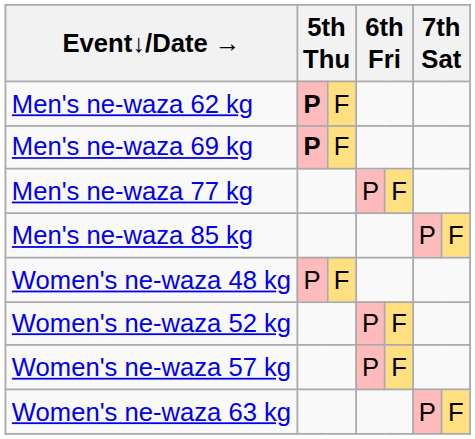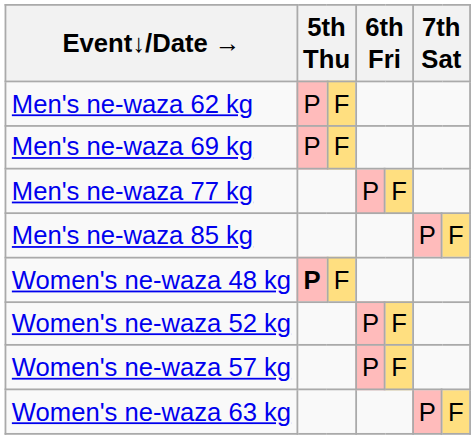 <table class="wikitable" style="margin:0.5em auto; font-size:90%; line-height:1.25em; text-align:center;">
 <tr>
 <th>Event↓/Date →</th>
 <th colspan=2>5th<br>Thu</th>
 <th colspan=2>6th<br>Fri</th>
 <th colspan=2>7th<br>Sat</th>
 </tr>
 <tr>
 <td align="left"><a href='#'>Men's ne-waza 62 kg</a></td>
-<td bgcolor="#FFBBBB"><strong>P</strong></td>
+<td bgcolor="#FFBBBB">P</td>
 <td bgcolor="#FFDF80">F</td>
 <td colspan=2></td>
 <td colspan=2></td>
 </tr>
 <tr>
 <td align="left"><a href='#'>Men's ne-waza 69 kg</a></td>
-<td bgcolor="#FFBBBB"><strong>P</strong></td>
+<td bgcolor="#FFBBBB">P</td>
 <td bgcolor="#FFDF80">F</td>
 <td colspan=2></td>
 <td colspan=2></td>
 </tr>
 <tr>
 <td align="left"><a href='#'>Men's ne-waza 77 kg</a></td>
 <td colspan=2></td>
 <td bgcolor="#FFBBBB">P</td>
 <td bgcolor="#FFDF80">F</td>
 <td colspan=2></td>
 </tr>
 <tr>
 <td align="left"><a href='#'>Men's ne-waza 85 kg</a></td>
 <td colspan=2></td>
 <td colspan=2></td>
 <td bgcolor="#FFBBBB">P</td>
 <td bgcolor="#FFDF80">F</td>
 </tr>
 <tr>
 <td align="left"><a href='#'>Women's ne-waza 48 kg</a></td>
-<td bgcolor="#FFBBBB">P</td>
+<td bgcolor="#FFBBBB"><strong>P</strong></td>
 <td bgcolor="#FFDF80">F</td>
 <td colspan=2></td>
 <td colspan=2></td>
 </tr>
 <tr>
 <td align="left"><a href='#'>Women's ne-waza 52 kg</a></td>
 <td colspan=2></td>
 <td bgcolor="#FFBBBB">P</td>
 <td bgcolor="#FFDF80">F</td>
 <td colspan=2></td>
 </tr>
 <tr>
 <td align="left"><a href='#'>Women's ne-waza 57 kg</a></td>
 <td colspan=2></td>
 <td bgcolor="#FFBBBB">P</td>
 <td bgcolor="#FFDF80">F</td>
 <td colspan=2></td>
 </tr>
 <tr>
 <td align="left"><a href='#'>Women's ne-waza 63 kg</a></td>
 <td colspan=2></td>
 <td colspan=2></td>
 <td bgcolor="#FFBBBB">P</td>
 <td bgcolor="#FFDF80">F</td>
 </tr>
 </table>
